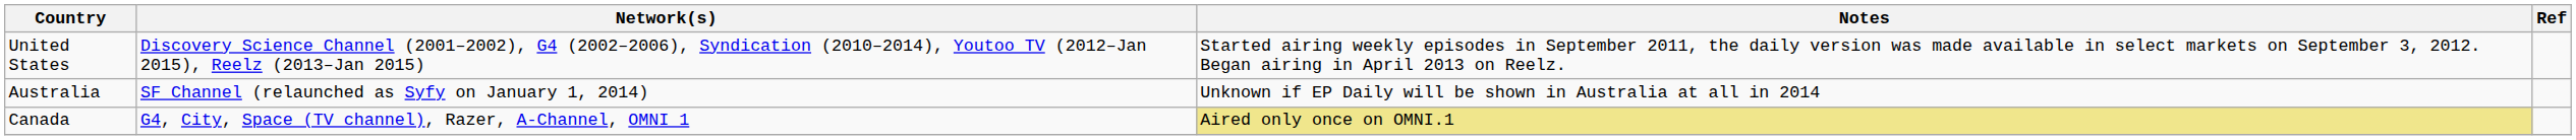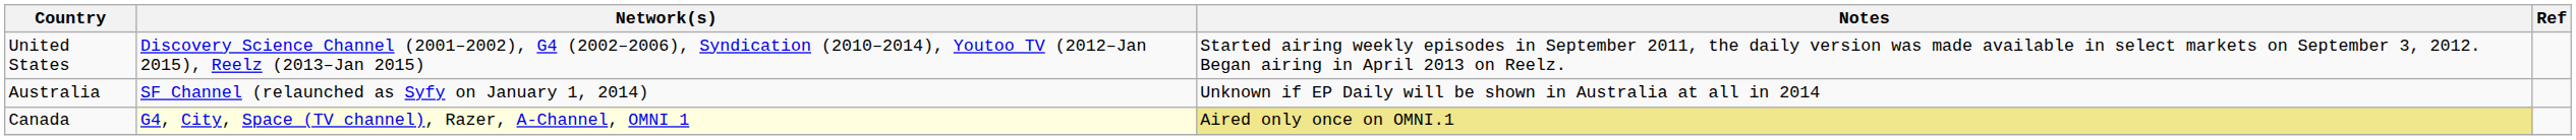 <table class="wikitable">
 <tr>
 <th>Country</th>
 <th>Network(s)</th>
 <th>Notes</th>
 <th>Ref</th>
 </tr>
 <tr>
 <td>United States</td>
 <td><a href='#'>Discovery Science Channel</a> (2001–2002), <a href='#'>G4</a> (2002–2006), <a href='#'>Syndication</a> (2010–2014), <a href='#'>Youtoo TV</a> (2012–Jan 2015), <a href='#'>Reelz</a> (2013–Jan 2015)</td>
 <td>Started airing weekly episodes in September 2011, the daily version was made available in select markets on September 3, 2012. Began airing in April 2013 on Reelz.</td>
 <td></td>
 </tr>
 <tr>
 <td>Australia</td>
 <td><a href='#'>SF Channel</a> (relaunched as <a href='#'>Syfy</a> on January 1, 2014)</td>
 <td>Unknown if EP Daily will be shown in Australia at all in 2014</td>
 <td></td>
 </tr>
 <tr>
 <td>Canada</td>
-<td><a href='#'>G4</a>, <a href='#'>City</a>, <a href='#'>Space (TV channel)</a>, Razer, <a href='#'>A-Channel</a>, <a href='#'>OMNI 1</a></td>
+<td style="background: lightyellow;"><a href='#'>G4</a>, <a href='#'>City</a>, <a href='#'>Space (TV channel)</a>, Razer, <a href='#'>A-Channel</a>, <a href='#'>OMNI 1</a></td>
 <td style="background: khaki;">Aired only once on OMNI.1</td>
 <td></td>
 </tr>
 <tr>
 </tr>
 </table>
